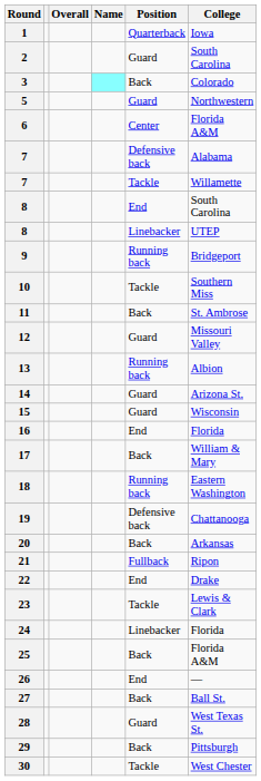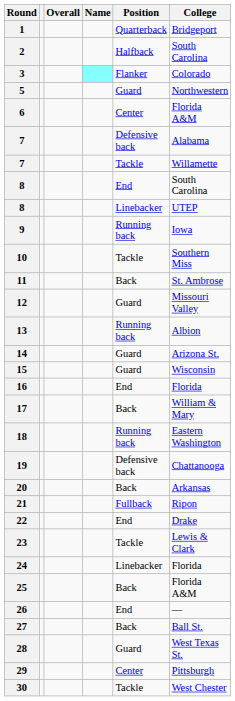 <table class="wikitable sortable" style="width: 50%;">
 <tr>
 <th scope="col" style="width: 10%;">Round</th>
 <th scope="col" style="width: 10%;"></th>
 <th scope="col" style="width: 10%;">Overall</th>
 <th scope="col" style="width: 25%;">Name</th>
 <th scope="col" style="width: 20%;">Position</th>
 <th scope="col" style="width: 25%;">College</th>
 </tr>
 <tr>
 <th scope="row">1</th>
 <td></td>
 <td></td>
 <td></td>
 <td><a href='#'>Quarterback</a></td>
-<td><a href='#'>Iowa</a></td>
+<td><a href='#'>Bridgeport</a></td>
 </tr>
 <tr>
 <th scope="row">2</th>
 <td></td>
 <td></td>
 <td></td>
-<td>Guard</td>
+<td><a href='#'>Halfback</a></td>
 <td><a href='#'>South Carolina</a></td>
 </tr>
 <tr>
 <th scope="row">3</th>
 <td></td>
 <td></td>
 <td style="background:#88FFFF;"> <sup></sup></td>
-<td>Back</td>
+<td><a href='#'>Flanker</a></td>
 <td><a href='#'>Colorado</a></td>
 </tr>
 <tr>
 <th scope="row">5</th>
 <td></td>
 <td></td>
 <td></td>
 <td><a href='#'>Guard</a></td>
 <td><a href='#'>Northwestern</a></td>
 </tr>
 <tr>
 <th scope="row">6</th>
 <td></td>
 <td></td>
 <td></td>
 <td><a href='#'>Center</a></td>
 <td><a href='#'>Florida A&M</a></td>
 </tr>
 <tr>
 <th scope="row">7</th>
 <td></td>
 <td></td>
 <td></td>
 <td><a href='#'>Defensive back</a></td>
 <td><a href='#'>Alabama</a></td>
 </tr>
 <tr>
 <th scope="row">7</th>
 <td></td>
 <td></td>
 <td></td>
 <td><a href='#'>Tackle</a></td>
 <td><a href='#'>Willamette</a></td>
 </tr>
 <tr>
 <th scope="row">8</th>
 <td></td>
 <td></td>
 <td></td>
 <td><a href='#'>End</a></td>
 <td>South Carolina</td>
 </tr>
 <tr>
 <th scope="row">8</th>
 <td></td>
 <td></td>
 <td></td>
 <td><a href='#'>Linebacker</a></td>
 <td><a href='#'>UTEP</a></td>
 </tr>
 <tr>
 <th scope="row">9</th>
 <td></td>
 <td></td>
 <td></td>
 <td><a href='#'>Running back</a></td>
-<td><a href='#'>Bridgeport</a></td>
+<td><a href='#'>Iowa</a></td>
 </tr>
 <tr>
 <th scope="row">10</th>
 <td></td>
 <td></td>
 <td></td>
 <td>Tackle</td>
 <td><a href='#'>Southern Miss</a></td>
 </tr>
 <tr>
 <th scope="row">11</th>
 <td></td>
 <td></td>
 <td></td>
 <td>Back</td>
 <td><a href='#'>St. Ambrose</a></td>
 </tr>
 <tr>
 <th scope="row">12</th>
 <td></td>
 <td></td>
 <td></td>
 <td>Guard</td>
 <td><a href='#'>Missouri Valley</a></td>
 </tr>
 <tr>
 <th scope="row">13</th>
 <td></td>
 <td></td>
 <td></td>
 <td><a href='#'>Running back</a></td>
 <td><a href='#'>Albion</a></td>
 </tr>
 <tr>
 <th scope="row">14</th>
 <td></td>
 <td></td>
 <td></td>
 <td>Guard</td>
 <td><a href='#'>Arizona St.</a></td>
 </tr>
 <tr>
 <th scope="row">15</th>
 <td></td>
 <td></td>
 <td></td>
 <td>Guard</td>
 <td><a href='#'>Wisconsin</a></td>
 </tr>
 <tr>
 <th scope="row">16</th>
 <td></td>
 <td></td>
 <td></td>
 <td>End</td>
 <td><a href='#'>Florida</a></td>
 </tr>
 <tr>
 <th scope="row">17</th>
 <td></td>
 <td></td>
 <td></td>
 <td>Back</td>
 <td><a href='#'>William & Mary</a></td>
 </tr>
 <tr>
 <th scope="row">18</th>
 <td></td>
 <td></td>
 <td></td>
 <td><a href='#'>Running back</a></td>
 <td><a href='#'>Eastern Washington</a></td>
 </tr>
 <tr>
 <th scope="row">19</th>
 <td></td>
 <td></td>
 <td></td>
 <td>Defensive back</td>
 <td><a href='#'>Chattanooga</a></td>
 </tr>
 <tr>
 <th scope="row">20</th>
 <td></td>
 <td></td>
 <td></td>
 <td>Back</td>
 <td><a href='#'>Arkansas</a></td>
 </tr>
 <tr>
 <th scope="row">21</th>
 <td></td>
 <td></td>
 <td></td>
 <td><a href='#'>Fullback</a></td>
 <td><a href='#'>Ripon</a></td>
 </tr>
 <tr>
 <th scope="row">22</th>
 <td></td>
 <td></td>
 <td></td>
 <td>End</td>
 <td><a href='#'>Drake</a></td>
 </tr>
 <tr>
 <th scope="row">23</th>
 <td></td>
 <td></td>
 <td></td>
 <td>Tackle</td>
 <td><a href='#'>Lewis & Clark</a></td>
 </tr>
 <tr>
 <th scope="row">24</th>
 <td></td>
 <td></td>
 <td></td>
 <td>Linebacker</td>
 <td>Florida</td>
 </tr>
 <tr>
 <th scope="row">25</th>
 <td></td>
 <td></td>
 <td></td>
 <td>Back</td>
 <td>Florida A&M</td>
 </tr>
 <tr>
 <th scope="row">26</th>
 <td></td>
 <td></td>
 <td></td>
 <td>End</td>
 <td>—</td>
 </tr>
 <tr>
 <th scope="row">27</th>
 <td></td>
 <td></td>
 <td></td>
 <td>Back</td>
 <td><a href='#'>Ball St.</a></td>
 </tr>
 <tr>
 <th scope="row">28</th>
 <td></td>
 <td></td>
 <td></td>
 <td>Guard</td>
 <td><a href='#'>West Texas St.</a></td>
 </tr>
 <tr>
 <th scope="row">29</th>
 <td></td>
 <td></td>
 <td></td>
-<td>Back</td>
+<td><a href='#'>Center</a></td>
 <td><a href='#'>Pittsburgh</a></td>
 </tr>
 <tr>
 <th scope="row">30</th>
 <td></td>
 <td></td>
 <td></td>
 <td>Tackle</td>
 <td><a href='#'>West Chester</a></td>
 </tr>
 </table>
